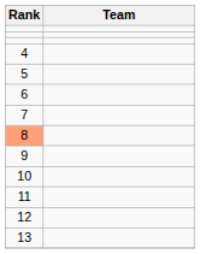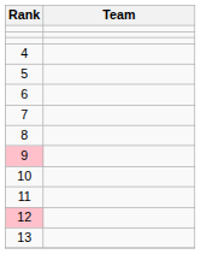 <table class="wikitable" style="text-align: center;">
 <tr>
 <th width=40>Rank</th>
 <th width=180>Team</th>
 </tr>
 <tr>
 <td></td>
 <td align=left></td>
 </tr>
 <tr>
 <td></td>
 <td align=left></td>
 </tr>
 <tr>
 <td></td>
 <td align=left></td>
 </tr>
 <tr>
 <td>4</td>
 <td align=left></td>
 </tr>
 <tr>
 <td>5</td>
 <td align=left></td>
 </tr>
 <tr>
 <td>6</td>
 <td align=left></td>
 </tr>
 <tr>
 <td>7</td>
 <td align=left></td>
 </tr>
 <tr>
-<td style="background: lightsalmon;">8</td>
+<td>8</td>
 <td align=left></td>
 </tr>
 <tr>
-<td>9</td>
+<td style="background: pink;">9</td>
 <td align=left></td>
 </tr>
 <tr>
 <td>10</td>
 <td align=left></td>
 </tr>
 <tr>
 <td>11</td>
 <td align=left></td>
 </tr>
 <tr>
-<td>12</td>
+<td style="background: pink;">12</td>
 <td align=left></td>
 </tr>
 <tr>
 <td>13</td>
 <td align=left></td>
 </tr>
 <tr>
 </tr>
 </table>
